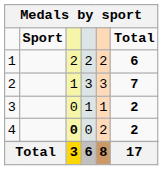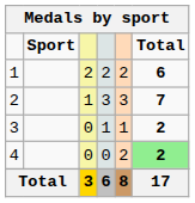 <table class="wikitable" style="font-size:90%; text-align:center">
 <tr style="background:#efefef;">
 <th colspan=6>Medals by sport</th>
 </tr>
 <tr>
 <td></td>
 <td><strong>Sport</strong></td>
 <td style="background:#F7F6A8;"></td>
 <td style="background:#DCE5E5;"></td>
 <td style="background:#FFDAB9;"></td>
 <td><strong>Total</strong></td>
 </tr>
 <tr>
 <td>1</td>
 <td></td>
 <td style="background:#F7F6A8;">2</td>
 <td style="background:#DCE5E5;">2</td>
 <td style="background:#FFDAB9;">2</td>
 <td><strong>6</strong></td>
 </tr>
 <tr>
 <td>2</td>
 <td></td>
 <td style="background:#F7F6A8;">1</td>
 <td style="background:#DCE5E5;">3</td>
 <td style="background:#FFDAB9;">3</td>
 <td><strong>7</strong></td>
 </tr>
 <tr>
 <td>3</td>
 <td></td>
 <td style="background:#F7F6A8;">0</td>
 <td style="background:#DCE5E5;">1</td>
 <td style="background:#FFDAB9;">1</td>
 <td><strong>2</strong></td>
 </tr>
 <tr>
 <td>4</td>
 <td></td>
-<td style="background:#F7F6A8;"><strong>0</strong></td>
+<td style="background:#F7F6A8;">0</td>
 <td style="background:#DCE5E5;">0</td>
 <td style="background:#FFDAB9;">2</td>
-<td><strong>2</strong></td>
+<td style="background: lightgreen;"><strong>2</strong></td>
 </tr>
 <tr>
 </tr>
 <tr align=center>
 <th colspan=2>Total</th>
 <th style="background:gold;">3</th>
 <th style="background:silver;">6</th>
 <th style="background:#c96;">8</th>
 <th>17</th>
 </tr>
 </table>
